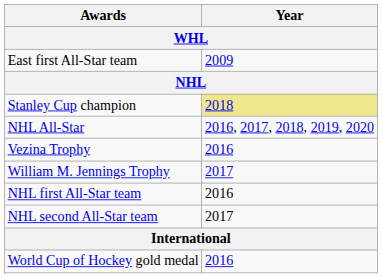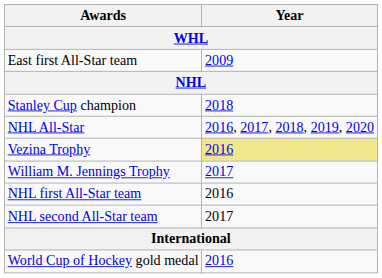 <table class="wikitable">
 <tr>
 <th>Awards</th>
 <th>Year</th>
 </tr>
 <tr>
 <th colspan="2"><a href='#'>WHL</a></th>
 </tr>
 <tr>
 <td>East first All-Star team</td>
 <td><a href='#'>2009</a></td>
 </tr>
 <tr>
 <th colspan="3"><a href='#'>NHL</a></th>
 </tr>
 <tr>
 <td><a href='#'>Stanley Cup</a> champion</td>
-<td style="background: khaki;"><a href='#'>2018</a></td>
+<td><a href='#'>2018</a></td>
 </tr>
 <tr>
 <td><a href='#'>NHL All-Star</a></td>
 <td><a href='#'>2016</a>, <a href='#'>2017</a>, <a href='#'>2018</a>, <a href='#'>2019</a>, <a href='#'>2020</a></td>
 </tr>
 <tr>
 <td><a href='#'>Vezina Trophy</a></td>
-<td><a href='#'>2016</a></td>
+<td style="background: khaki;"><a href='#'>2016</a></td>
 </tr>
 <tr>
 <td><a href='#'>William M. Jennings Trophy</a></td>
 <td><a href='#'>2017</a></td>
 </tr>
 <tr>
 <td><a href='#'>NHL first All-Star team</a></td>
 <td>2016</td>
 </tr>
 <tr>
 <td><a href='#'>NHL second All-Star team</a></td>
 <td>2017</td>
 </tr>
 <tr>
 <th colspan="3">International</th>
 </tr>
 <tr>
 <td><a href='#'>World Cup of Hockey</a> gold medal</td>
 <td><a href='#'>2016</a></td>
 </tr>
 </table>
